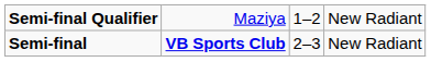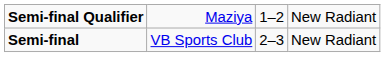 <table class="wikitable" style="font-size:95%">
 <tr>
 <td><strong>Semi-final Qualifier</strong></td>
 <td align=right><a href='#'>Maziya</a></td>
 <td>1–2</td>
 <td>New Radiant</td>
 </tr>
 <tr>
 <td><strong>Semi-final</strong></td>
-<td align=right><strong><a href='#'>VB Sports Club</a></strong></td>
+<td align=right><a href='#'>VB Sports Club</a></td>
 <td>2–3</td>
 <td>New Radiant</td>
 </tr>
 </table>
